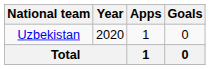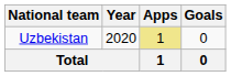 <table class="wikitable" style="text-align:center">
 <tr>
 <th>National team</th>
 <th>Year</th>
 <th>Apps</th>
 <th>Goals</th>
 </tr>
 <tr>
 <td rowspan="1"><a href='#'>Uzbekistan</a></td>
 <td>2020</td>
-<td>1</td>
+<td style="background: khaki;">1</td>
 <td>0</td>
 </tr>
 <tr>
 <th colspan="2">Total</th>
 <th>1</th>
 <th>0</th>
 </tr>
 </table>
